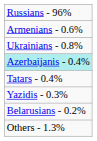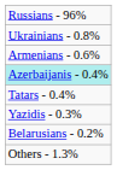 <table class="wikitable">
 <tr>
 <td><a href='#'>Russians</a> - 96%</td>
 </tr>
 <tr>
-<td><a href='#'>Armenians</a> - 0.6%</td>
+<td><a href='#'>Ukrainians</a> - 0.8%</td>
 </tr>
 <tr>
-<td><a href='#'>Ukrainians</a> - 0.8%</td>
+<td><a href='#'>Armenians</a> - 0.6%</td>
 </tr>
 <tr>
 <td style="background: paleturquoise;"><a href='#'>Azerbaijanis</a> - 0.4%</td>
 </tr>
 <tr>
 <td><a href='#'>Tatars</a> - 0.4%</td>
 </tr>
 <tr>
 <td><a href='#'>Yazidis</a> - 0.3%</td>
 </tr>
 <tr>
 <td><a href='#'>Belarusians</a> - 0.2%</td>
 </tr>
 <tr>
 <td>Others - 1.3%</td>
 </tr>
 </table>
